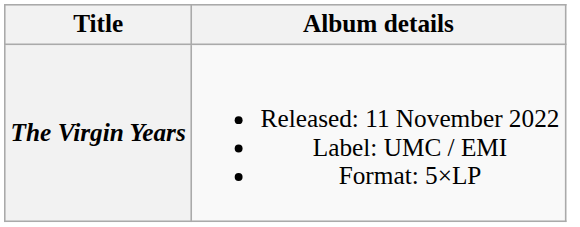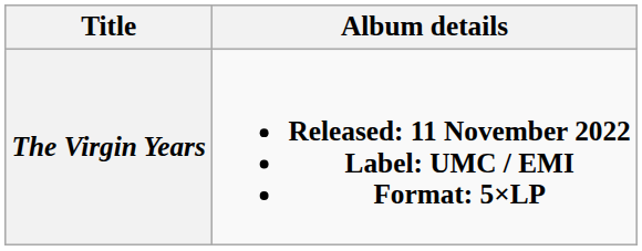 <table class="wikitable plainrowheaders" style="text-align:center;">
 <tr>
 <th>Title</th>
 <th>Album details</th>
 </tr>
 <tr>
 <th scope="row"><em>The Virgin Years</em></th>
-<td><br><ul><li>Released: 11 November 2022</li><li>Label: UMC / EMI</li><li>Format: 5×LP</li></ul></td>
+<td><strong><br><ul><li>Released: 11 November 2022</li><li>Label: UMC / EMI</li><li>Format: 5×LP</li></ul></strong></td>
 </tr>
 </table>
